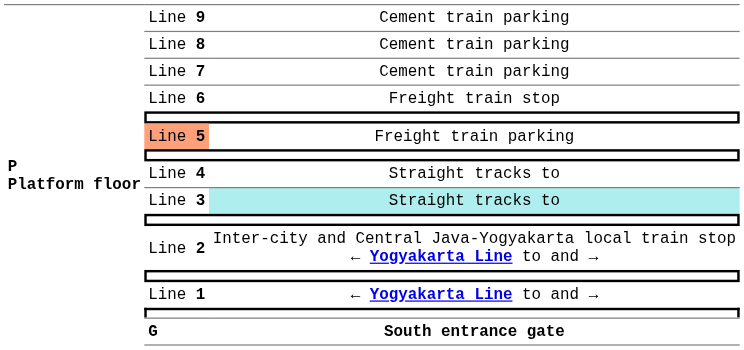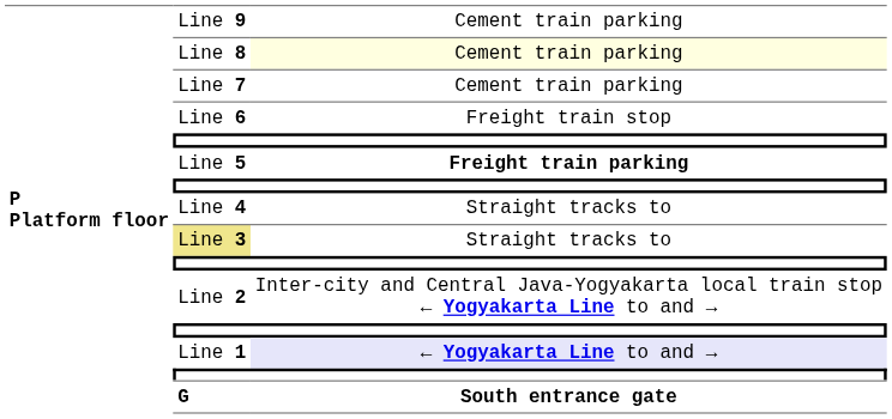 <table cellspacing="0" cellpadding="3">
 <tr>
 <td rowspan="15" style="border-top:solid 1px gray;"><strong>P</strong><br><strong>Platform floor</strong></td>
 <td style="border-top:solid 1px gray;">Line <strong>9</strong></td>
 <td style="border-top:solid 1px gray;text-align:center">Cement train parking</td>
 </tr>
 <tr>
 <td style="border-top:solid 1px gray;">Line <strong>8</strong></td>
-<td style="border-top:solid 1px gray;text-align:center">Cement train parking</td>
+<td style="background: lightyellow; border-top:solid 1px gray;text-align:center">Cement train parking</td>
 </tr>
 <tr>
 <td style="border-top:solid 1px gray;">Line <strong>7</strong></td>
 <td style="border-top:solid 1px gray;text-align:center">Cement train parking</td>
 </tr>
 <tr>
 <td style="border-top:solid 1px gray;">Line <strong>6</strong></td>
 <td style="border-top:solid 1px gray;text-align:center">Freight train stop</td>
 </tr>
 <tr>
 <td style="text-align:center;border-top:solid 2px black;border-bottom:solid 2px black;border-left:solid 2px black;border-right:solid 2px black;text-align:center" colspan="2"></td>
 </tr>
 <tr>
-<td style="background: lightsalmon;">Line <strong>5</strong></td>
-<td style="text-align:center">Freight train parking</td>
+<td>Line <strong>5</strong></td>
+<td style="text-align:center"><strong>Freight train parking</strong></td>
 </tr>
 <tr>
 <td style="border-top:solid 2px black;border-bottom:solid 2px black;border-left:solid 2px black;border-right:solid 2px black;text-align:center" colspan="2"></td>
 </tr>
 <tr>
 <td>Line <strong>4</strong></td>
 <td style="text-align:center">Straight tracks to </td>
 </tr>
 <tr>
-<td style="border-top:solid 1px gray">Line <strong>3</strong></td>
-<td style="background: paleturquoise; border-top:solid 1px gray;text-align:center">Straight tracks to </td>
+<td style="background: khaki; border-top:solid 1px gray">Line <strong>3</strong></td>
+<td style="border-top:solid 1px gray;text-align:center">Straight tracks to </td>
 </tr>
 <tr>
 <td style="text-align:center;border-top:solid 2px black;border-bottom:solid 2px black;border-left:solid 2px black;border-right:solid 2px black;text-align:center" colspan="2"></td>
 </tr>
 <tr>
 <td>Line <strong>2</strong></td>
 <td style="text-align:center">Inter-city and Central Java-Yogyakarta local train stop<br>←   <strong><a href='#'>Yogyakarta Line</a></strong> to  and   →</td>
 </tr>
 <tr>
 <td style="border-top:solid 2px black;border-bottom:solid 2px black;border-left:solid 2px black;border-right:solid 2px black;text-align:center" colspan="2"></td>
 </tr>
 <tr>
 <td>Line <strong>1</strong></td>
-<td style="text-align:center">←   <strong><a href='#'>Yogyakarta Line</a></strong> to  and   →</td>
+<td style="background: lavender; text-align:center">←   <strong><a href='#'>Yogyakarta Line</a></strong> to  and   →</td>
 </tr>
 <tr>
 <td style="border-top:solid 2px black;border-left:solid 2px black;border-right:solid 2px black;text-align:center" colspan="2"></td>
 </tr>
 <tr>
 <td style="border-top:solid 1px gray;border-bottom:solid 1px gray;"><strong>G</strong></td>
 <td style="border-top:solid 1px gray;border-bottom:solid 1px gray;text-align:center"><strong>South entrance gate</strong></td>
 </tr>
 <tr>
 </tr>
 </table>
